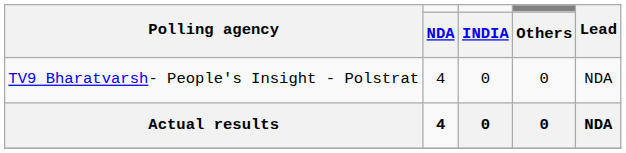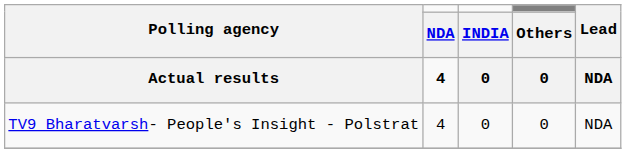 <table class="wikitable" style="text-align:center;font-size:95%;line-height:30px;">
 <tr>
 <th rowspan="2" class="wikitable">Polling agency</th>
 <td></td>
 <td></td>
 <td style="background:grey;"></td>
 <th rowspan="2">Lead</th>
 </tr>
 <tr>
 <th class="wikitable"><a href='#'>NDA</a></th>
 <th class="wikitable"><a href='#'>INDIA</a></th>
 <th class="wikitable">Others</th>
 </tr>
 <tr>
+<th>Actual results</th>
+<td bgcolor=><strong>4</strong></td>
+<th>0</th>
+<th>0</th>
+<th style="background:"><strong>NDA</strong></th>
+</tr>
+<tr>
 <td><a href='#'>TV9 Bharatvarsh</a>- People's Insight - Polstrat</td>
 <td>4</td>
 <td>0</td>
 <td>0</td>
 <td>NDA</td>
 </tr>
 <tr>
-<th>Actual results</th>
-<td bgcolor=><strong>4</strong></td>
-<th>0</th>
-<th>0</th>
-<th style="background:"><strong>NDA</strong></th>
-</tr>
-<tr>
 </tr>
 </table>
